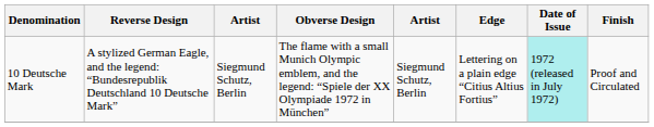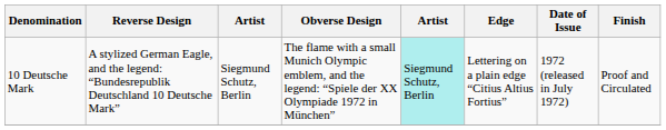 <table class="wikitable">
 <tr>
 <th>Denomination</th>
 <th>Reverse Design</th>
 <th>Artist</th>
 <th>Obverse Design</th>
 <th>Artist</th>
 <th>Edge</th>
 <th>Date of Issue</th>
 <th>Finish</th>
 </tr>
 <tr>
 <td>10 Deutsche Mark</td>
 <td>A stylized German Eagle, and the legend: “Bundesrepublik Deutschland 10 Deutsche Mark”</td>
 <td>Siegmund Schutz, Berlin</td>
 <td>The flame with a small Munich Olympic emblem, and the legend: “Spiele der XX Olympiade 1972 in München”</td>
-<td>Siegmund Schutz, Berlin</td>
+<td style="background: paleturquoise;">Siegmund Schutz, Berlin</td>
 <td>Lettering on a plain edge “Citius Altius Fortius”</td>
-<td style="background: paleturquoise;">1972 (released in July 1972)</td>
+<td>1972 (released in July 1972)</td>
 <td>Proof and Circulated</td>
 </tr>
 <tr>
 </tr>
 </table>
